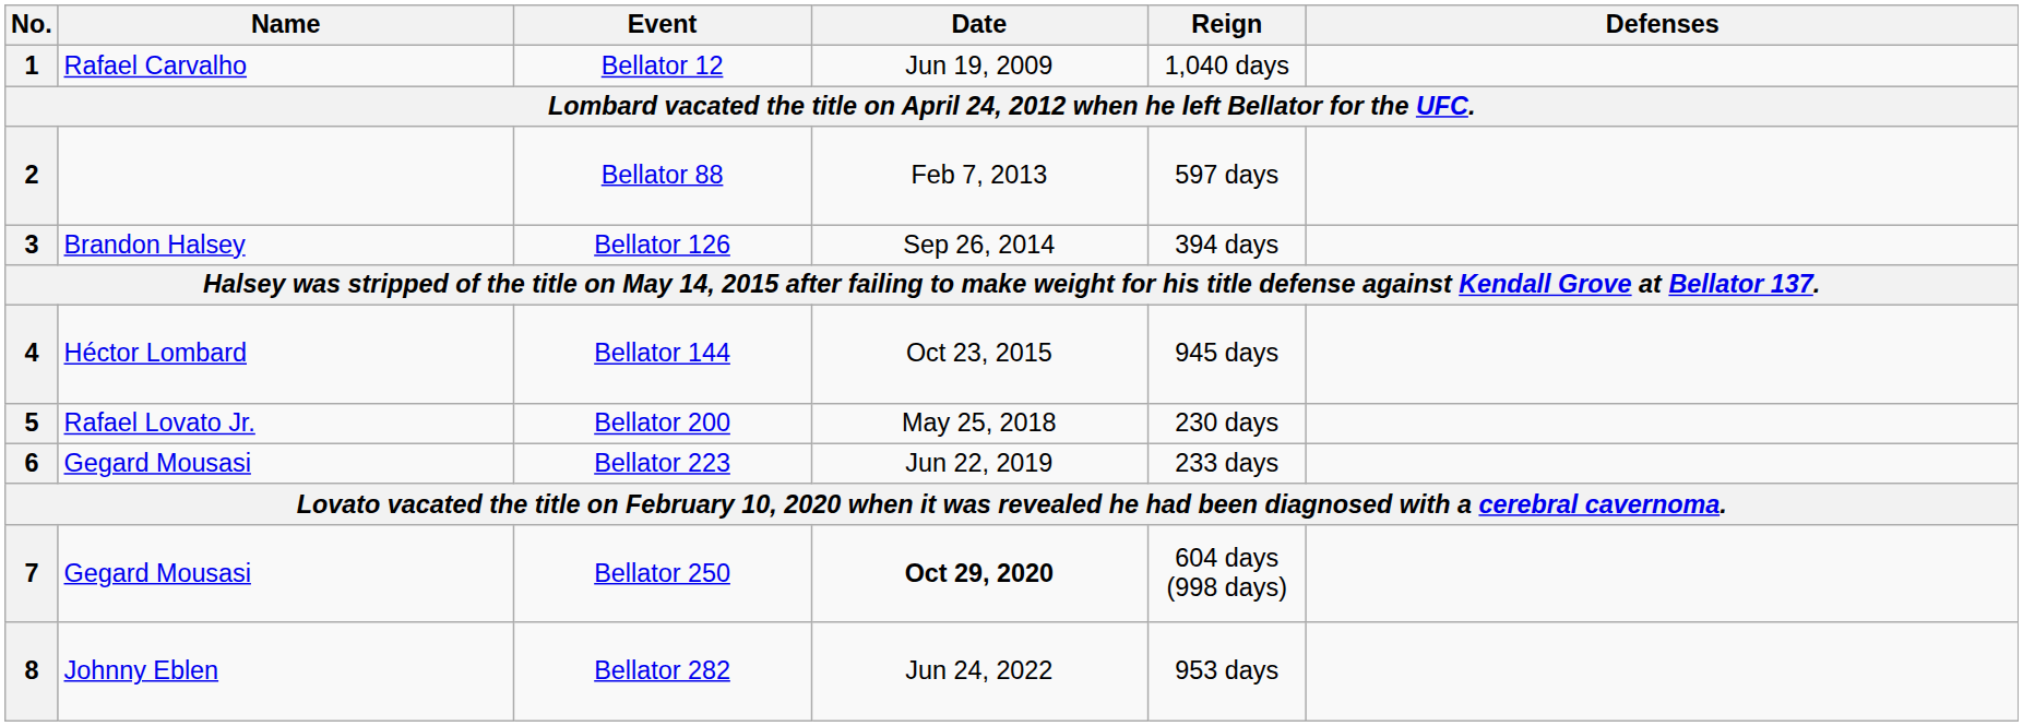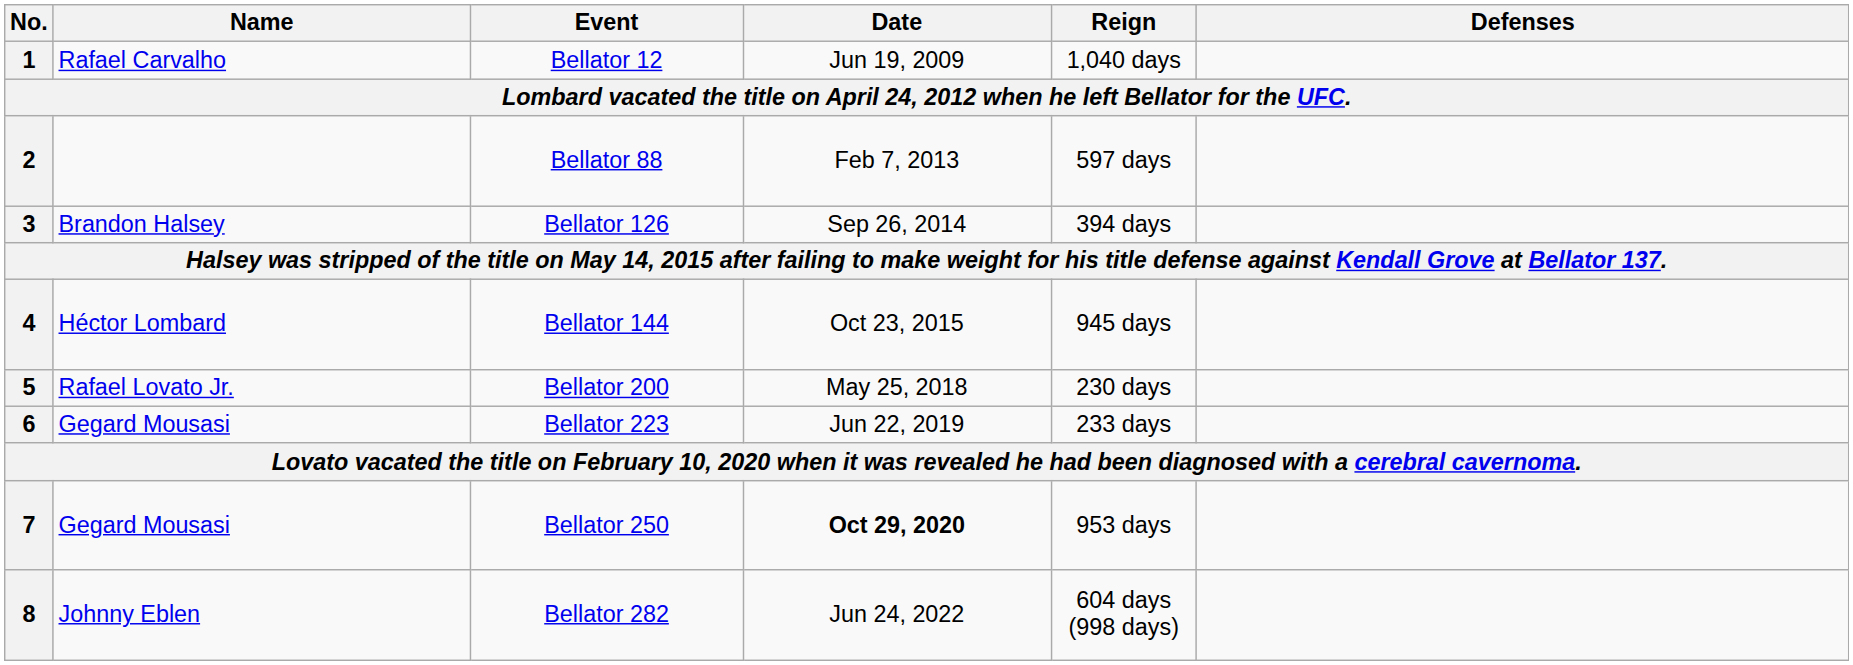 <table class="wikitable" width=100% style="text-align: center;">
 <tr>
 <th width=1%>No.</th>
 <th width=23%>Name</th>
 <th width=15%>Event</th>
 <th width=17%>Date</th>
 <th width=8%>Reign</th>
 <th width=36%>Defenses</th>
 </tr>
 <tr>
 <th>1</th>
 <td align=left> <a href='#'>Rafael Carvalho</a><br></td>
 <td><a href='#'>Bellator 12</a><br></td>
 <td>Jun 19, 2009</td>
 <td>1,040 days</td>
 <td align=left><br></td>
 </tr>
 <tr>
 <th colspan=6><em>Lombard vacated the title on April 24, 2012 when he left Bellator for the <a href='#'>UFC</a>.</em></th>
 </tr>
 <tr>
 <th>2</th>
 <td align=left><br></td>
 <td><a href='#'>Bellator 88</a><br></td>
 <td>Feb 7, 2013</td>
 <td>597 days</td>
 <td align=left><br><br> <br> </td>
 </tr>
 <tr>
 <th>3</th>
 <td align=left> <a href='#'>Brandon Halsey</a></td>
 <td><a href='#'>Bellator 126</a><br></td>
 <td>Sep 26, 2014</td>
 <td>394 days</td>
 <td></td>
 </tr>
 <tr>
 <th colspan=6><em>Halsey was stripped of the title on May 14, 2015 after failing to make weight for his title defense against <a href='#'>Kendall Grove</a> at <a href='#'>Bellator 137</a>.</em></th>
 </tr>
 <tr>
 <th>4</th>
 <td align=left> <a href='#'>Héctor Lombard</a><br></td>
 <td><a href='#'>Bellator 144</a><br></td>
 <td>Oct 23, 2015</td>
 <td>945 days</td>
 <td align=left><br><br> <br> </td>
 </tr>
 <tr>
 <th>5</th>
 <td align=left> <a href='#'>Rafael Lovato Jr.</a></td>
 <td><a href='#'>Bellator 200</a><br></td>
 <td>May 25, 2018</td>
 <td>230 days</td>
 <td align=left><br></td>
 </tr>
 <tr>
 <th>6</th>
 <td align=left> <a href='#'>Gegard Mousasi</a></td>
 <td><a href='#'>Bellator 223</a><br></td>
 <td>Jun 22, 2019</td>
 <td>233 days</td>
 <td></td>
 </tr>
 <tr>
 <th colspan=6><em>Lovato vacated the title on February 10, 2020 when it was revealed he had been diagnosed with a <a href='#'>cerebral cavernoma</a>.</em></th>
 </tr>
 <tr>
 <th>7</th>
 <td align=left> <a href='#'>Gegard Mousasi</a> <br></td>
 <td><a href='#'>Bellator 250</a><br></td>
 <td><strong>Oct 29, 2020</strong></td>
-<td>604 days<br>(998 days)</td>
+<td>953 days</td>
 <td align=left><br><br> <br></td>
 </tr>
 <tr>
 <th>8</th>
 <td align=left> <a href='#'>Johnny Eblen</a></td>
 <td><a href='#'>Bellator 282</a><br></td>
 <td>Jun 24, 2022</td>
-<td>953 days</td>
+<td>604 days<br>(998 days)</td>
 <td align=left><br><br> <br> </td>
 </tr>
 </table>
